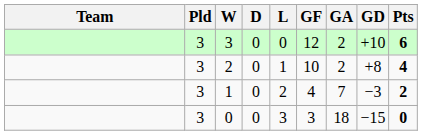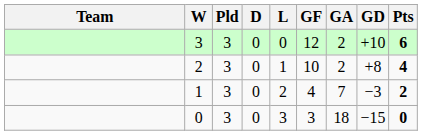 <table class="wikitable" style="text-align: center;">
 <tr>
 <th width=175>Team</th>
+<th width=20>W</th>
 <th width=20>Pld</th>
-<th width=20>W</th>
 <th width=20>D</th>
 <th width=20>L</th>
 <th width=20>GF</th>
 <th width=20>GA</th>
 <th width=20>GD</th>
 <th width=20>Pts</th>
 </tr>
 <tr bgcolor=ccffcc>
 <td style="text-align:left;"></td>
 <td>3</td>
 <td>3</td>
 <td>0</td>
 <td>0</td>
 <td>12</td>
 <td>2</td>
 <td>+10</td>
 <td><strong>6</strong></td>
 </tr>
 <tr>
 <td style="text-align:left;"></td>
+<td>2</td>
 <td>3</td>
-<td>2</td>
 <td>0</td>
 <td>1</td>
 <td>10</td>
 <td>2</td>
 <td>+8</td>
 <td><strong>4</strong></td>
 </tr>
 <tr>
 <td style="text-align:left;"></td>
+<td>1</td>
 <td>3</td>
-<td>1</td>
 <td>0</td>
 <td>2</td>
 <td>4</td>
 <td>7</td>
 <td>−3</td>
 <td><strong>2</strong></td>
 </tr>
 <tr>
 <td style="text-align:left;"></td>
+<td>0</td>
 <td>3</td>
-<td>0</td>
 <td>0</td>
 <td>3</td>
 <td>3</td>
 <td>18</td>
 <td>−15</td>
 <td><strong>0</strong></td>
 </tr>
 </table>
